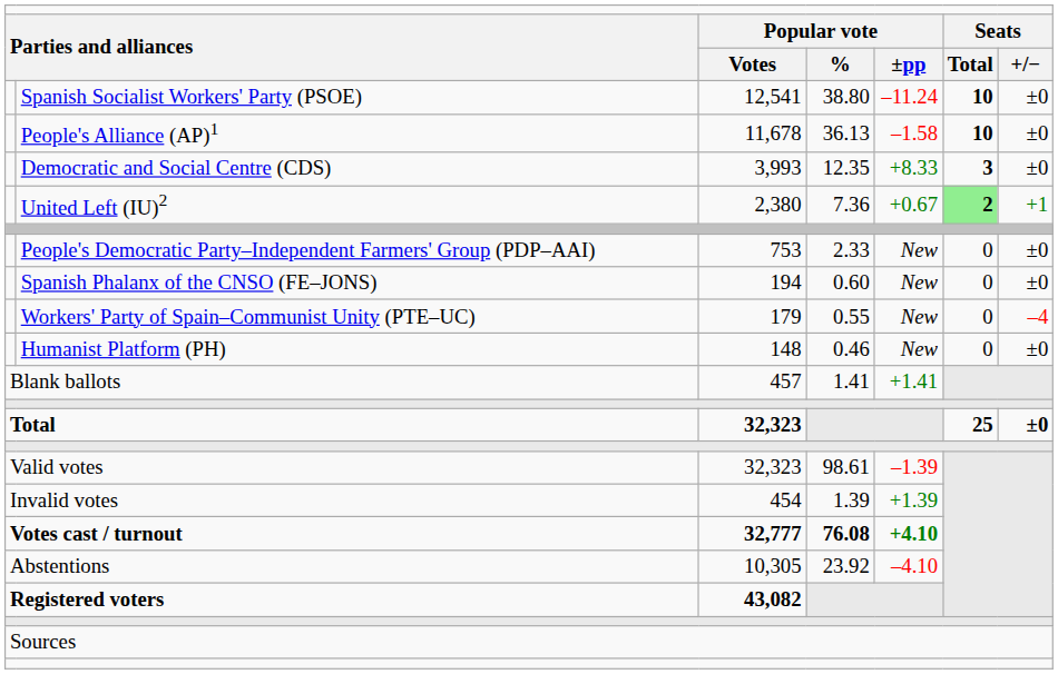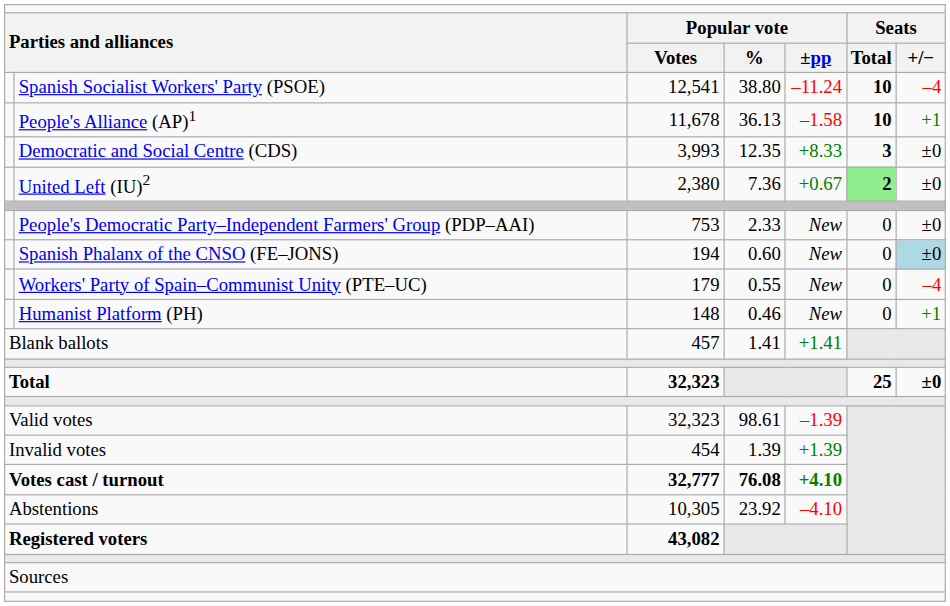 <table class="wikitable" style="text-align:right;">
 <tr>
 <td colspan="7"></td>
 </tr>
 <tr>
 <th style="text-align:left;" rowspan="2" colspan="2" width="525">Parties and alliances</th>
 <th colspan="3">Popular vote</th>
 <th colspan="2">Seats</th>
 </tr>
 <tr>
 <th width="75">Votes</th>
 <th width="45">%</th>
 <th width="45">±<a href='#'>pp</a></th>
 <th width="35">Total</th>
 <th width="35">+/−</th>
 </tr>
 <tr>
 <td width="1" style="color:inherit;background:"></td>
 <td align="left"><a href='#'>Spanish Socialist Workers' Party</a> (PSOE)</td>
 <td>12,541</td>
 <td>38.80</td>
 <td style="color:red;">–11.24</td>
 <td><strong>10</strong></td>
-<td>±0</td>
+<td style="color:red;">–4</td>
 </tr>
 <tr>
 <td style="color:inherit;background:"></td>
 <td align="left"><a href='#'>People's Alliance</a> (AP)<sup>1</sup></td>
 <td>11,678</td>
 <td>36.13</td>
 <td style="color:red;">–1.58</td>
 <td><strong>10</strong></td>
-<td>±0</td>
+<td style="color:green;">+1</td>
 </tr>
 <tr>
 <td style="color:inherit;background:"></td>
 <td align="left"><a href='#'>Democratic and Social Centre</a> (CDS)</td>
 <td>3,993</td>
 <td>12.35</td>
 <td style="color:green;">+8.33</td>
 <td><strong>3</strong></td>
 <td>±0</td>
 </tr>
 <tr>
 <td style="color:inherit;background:"></td>
 <td align="left"><a href='#'>United Left</a> (IU)<sup>2</sup></td>
 <td>2,380</td>
 <td>7.36</td>
 <td style="color:green;">+0.67</td>
 <td style="background: lightgreen;"><strong>2</strong></td>
-<td style="color:green;">+1</td>
+<td>±0</td>
 </tr>
 <tr>
 <td colspan="7" bgcolor="#C0C0C0"></td>
 </tr>
 <tr>
 <td style="color:inherit;background:"></td>
 <td align="left"><a href='#'>People's Democratic Party–Independent Farmers' Group</a> (PDP–AAI)</td>
 <td>753</td>
 <td>2.33</td>
 <td><em>New</em></td>
 <td>0</td>
 <td>±0</td>
 </tr>
 <tr>
 <td style="color:inherit;background:"></td>
 <td align="left"><a href='#'>Spanish Phalanx of the CNSO</a> (FE–JONS)</td>
 <td>194</td>
 <td>0.60</td>
 <td><em>New</em></td>
 <td>0</td>
-<td>±0</td>
+<td style="background: lightblue;">±0</td>
 </tr>
 <tr>
 <td style="color:inherit;background:"></td>
 <td align="left"><a href='#'>Workers' Party of Spain–Communist Unity</a> (PTE–UC)</td>
 <td>179</td>
 <td>0.55</td>
 <td><em>New</em></td>
 <td>0</td>
 <td style="color:red;">–4</td>
 </tr>
 <tr>
 <td style="color:inherit;background:"></td>
 <td align="left"><a href='#'>Humanist Platform</a> (PH)</td>
 <td>148</td>
 <td>0.46</td>
 <td><em>New</em></td>
 <td>0</td>
-<td>±0</td>
+<td style="color:green;">+1</td>
 </tr>
 <tr>
 <td align="left" colspan="2">Blank ballots</td>
 <td>457</td>
 <td>1.41</td>
 <td style="color:green;">+1.41</td>
 <td bgcolor="#E9E9E9" colspan="2"></td>
 </tr>
 <tr>
 <td colspan="7" bgcolor="#E9E9E9"></td>
 </tr>
 <tr style="font-weight:bold;">
 <td align="left" colspan="2">Total</td>
 <td>32,323</td>
 <td bgcolor="#E9E9E9" colspan="2"></td>
 <td>25</td>
 <td>±0</td>
 </tr>
 <tr>
 <td colspan="7" bgcolor="#E9E9E9"></td>
 </tr>
 <tr>
 <td align="left" colspan="2">Valid votes</td>
 <td>32,323</td>
 <td>98.61</td>
 <td style="color:red;">–1.39</td>
 <td bgcolor="#E9E9E9" colspan="2" rowspan="5"></td>
 </tr>
 <tr>
 <td align="left" colspan="2">Invalid votes</td>
 <td>454</td>
 <td>1.39</td>
 <td style="color:green;">+1.39</td>
 </tr>
 <tr style="font-weight:bold;">
 <td align="left" colspan="2">Votes cast / turnout</td>
 <td>32,777</td>
 <td>76.08</td>
 <td style="color:green;">+4.10</td>
 </tr>
 <tr>
 <td align="left" colspan="2">Abstentions</td>
 <td>10,305</td>
 <td>23.92</td>
 <td style="color:red;">–4.10</td>
 </tr>
 <tr style="font-weight:bold;">
 <td align="left" colspan="2">Registered voters</td>
 <td>43,082</td>
 <td bgcolor="#E9E9E9" colspan="2"></td>
 </tr>
 <tr>
 <td colspan="7" bgcolor="#E9E9E9"></td>
 </tr>
 <tr>
 <td align="left" colspan="7">Sources</td>
 </tr>
 <tr>
 <td colspan="7" style="text-align:left; max-width:790px;"></td>
 </tr>
 </table>
